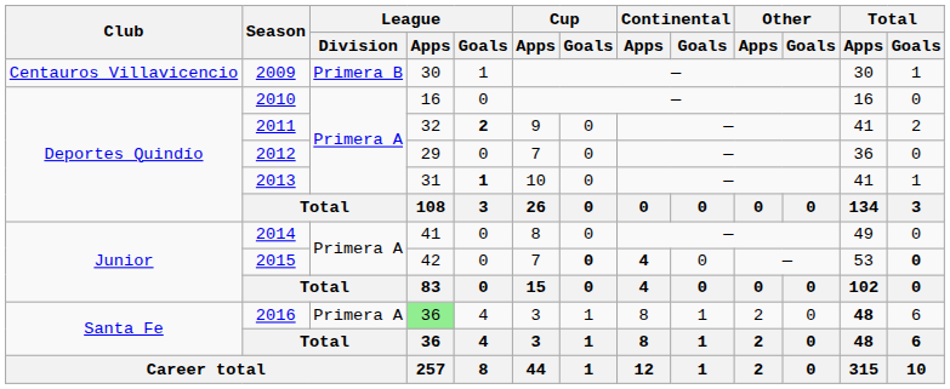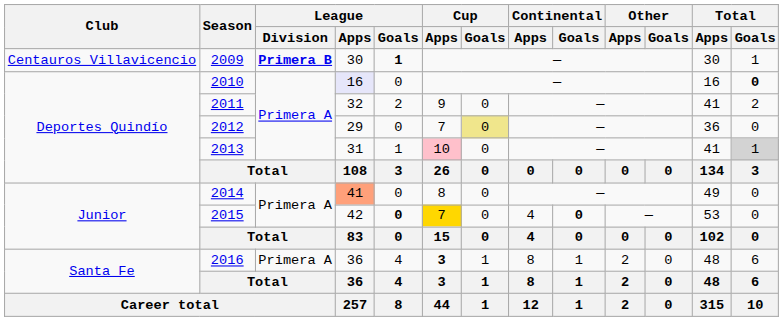 <table class="wikitable" style="text-align: center">
 <tr>
 <th rowspan=2>Club</th>
 <th rowspan=2>Season</th>
 <th colspan=3>League</th>
 <th colspan=2>Cup</th>
 <th colspan=2>Continental</th>
 <th colspan=2>Other</th>
 <th colspan=2>Total</th>
 </tr>
 <tr>
 <th>Division</th>
 <th>Apps</th>
 <th>Goals</th>
 <th>Apps</th>
 <th>Goals</th>
 <th>Apps</th>
 <th>Goals</th>
 <th>Apps</th>
 <th>Goals</th>
 <th>Apps</th>
 <th>Goals</th>
 </tr>
 <tr>
 <td><a href='#'>Centauros Villavicencio</a></td>
 <td><a href='#'>2009</a></td>
-<td><a href='#'>Primera B</a></td>
+<td><strong><a href='#'>Primera B</a></strong></td>
 <td>30</td>
-<td>1</td>
+<td><strong>1</strong></td>
 <td colspan="6">—</td>
 <td>30</td>
 <td>1</td>
 </tr>
 <tr>
 <td rowspan=5><a href='#'>Deportes Quindío</a></td>
 <td><a href='#'>2010</a></td>
 <td rowspan=4><a href='#'>Primera A</a></td>
-<td>16</td>
+<td style="background: lavender;">16</td>
 <td>0</td>
 <td colspan="6">—</td>
 <td>16</td>
-<td>0</td>
+<td><strong>0</strong></td>
 </tr>
 <tr>
 <td><a href='#'>2011</a></td>
 <td>32</td>
-<td><strong>2</strong></td>
+<td>2</td>
 <td>9</td>
 <td>0</td>
 <td colspan="4">—</td>
 <td>41</td>
 <td>2</td>
 </tr>
 <tr>
 <td><a href='#'>2012</a></td>
 <td>29</td>
 <td>0</td>
 <td>7</td>
-<td>0</td>
+<td style="background: khaki;">0</td>
 <td colspan="4">—</td>
 <td>36</td>
 <td>0</td>
 </tr>
 <tr>
 <td><a href='#'>2013</a></td>
 <td>31</td>
-<td><strong>1</strong></td>
-<td>10</td>
+<td>1</td>
+<td style="background: pink;">10</td>
 <td>0</td>
 <td colspan="4">—</td>
 <td>41</td>
-<td>1</td>
+<td style="background: lightgrey;">1</td>
 </tr>
 <tr>
 <th colspan=2>Total</th>
 <th>108</th>
 <th>3</th>
 <th>26</th>
 <th>0</th>
 <th>0</th>
 <th>0</th>
 <th>0</th>
 <th>0</th>
 <th>134</th>
 <th>3</th>
 </tr>
 <tr>
 <td rowspan=3><a href='#'>Junior</a></td>
 <td><a href='#'>2014</a></td>
 <td rowspan=2>Primera A</td>
-<td>41</td>
+<td style="background: lightsalmon;">41</td>
 <td>0</td>
 <td>8</td>
 <td>0</td>
 <td colspan="4">—</td>
 <td>49</td>
 <td>0</td>
 </tr>
 <tr>
 <td><a href='#'>2015</a></td>
 <td>42</td>
+<td><strong>0</strong></td>
+<td style="background: gold;">7</td>
 <td>0</td>
-<td>7</td>
+<td>4</td>
 <td><strong>0</strong></td>
-<td><strong>4</strong></td>
-<td>0</td>
 <td colspan="2">—</td>
 <td>53</td>
-<td><strong>0</strong></td>
+<td>0</td>
 </tr>
 <tr>
 <th colspan=2>Total</th>
 <th>83</th>
 <th>0</th>
 <th>15</th>
 <th>0</th>
 <th>4</th>
 <th>0</th>
 <th>0</th>
 <th>0</th>
 <th>102</th>
 <th>0</th>
 </tr>
 <tr>
 <td rowspan=2><a href='#'>Santa Fe</a></td>
 <td><a href='#'>2016</a></td>
 <td>Primera A</td>
-<td style="background: lightgreen;">36</td>
+<td>36</td>
 <td>4</td>
-<td>3</td>
+<td><strong>3</strong></td>
 <td>1</td>
 <td>8</td>
 <td>1</td>
 <td>2</td>
 <td>0</td>
-<td><strong>48</strong></td>
+<td>48</td>
 <td>6</td>
 </tr>
 <tr>
 <th colspan=2>Total</th>
 <th>36</th>
 <th>4</th>
 <th>3</th>
 <th>1</th>
 <th>8</th>
 <th>1</th>
 <th>2</th>
 <th>0</th>
 <th>48</th>
 <th>6</th>
 </tr>
 <tr>
 <th colspan=3><strong>Career total</strong></th>
 <th>257</th>
 <th>8</th>
 <th>44</th>
 <th>1</th>
 <th>12</th>
 <th>1</th>
 <th>2</th>
 <th>0</th>
 <th>315</th>
 <th>10</th>
 </tr>
 </table>
